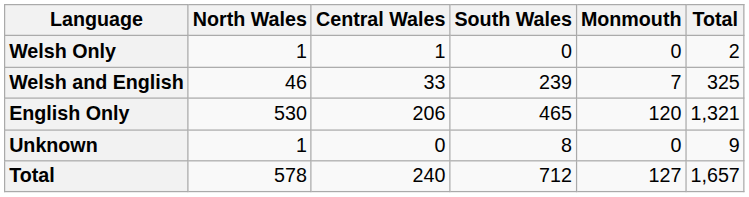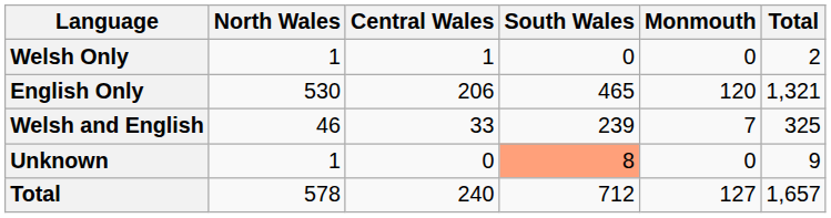 <table class="wikitable">
 <tr>
 <th scope="col">Language</th>
 <th scope="col">North Wales</th>
 <th scope="col">Central Wales</th>
 <th scope="col">South Wales</th>
 <th scope="col">Monmouth</th>
 <th scope="col">Total</th>
 </tr>
 <tr>
 <th scope="row" style="text-align:left;">Welsh Only</th>
 <td style="text-align:right;">1</td>
 <td style="text-align:right;">1</td>
 <td style="text-align:right;">0</td>
 <td style="text-align:right;">0</td>
 <td style="text-align:right;">2</td>
 </tr>
 <tr>
+<th scope="row" style="text-align:left;">English Only</th>
+<td style="text-align:right;">530</td>
+<td style="text-align:right;">206</td>
+<td style="text-align:right;">465</td>
+<td style="text-align:right;">120</td>
+<td style="text-align:right;">1,321</td>
+</tr>
+<tr>
 <th scope="row" style="text-align:left;">Welsh and English</th>
 <td style="text-align:right;">46</td>
 <td style="text-align:right;">33</td>
 <td style="text-align:right;">239</td>
 <td style="text-align:right;">7</td>
 <td style="text-align:right;">325</td>
 </tr>
 <tr>
-<th scope="row" style="text-align:left;">English Only</th>
-<td style="text-align:right;">530</td>
-<td style="text-align:right;">206</td>
-<td style="text-align:right;">465</td>
-<td style="text-align:right;">120</td>
-<td style="text-align:right;">1,321</td>
-</tr>
-<tr>
 <th scope="row" style="text-align:left;">Unknown</th>
 <td style="text-align:right;">1</td>
 <td style="text-align:right;">0</td>
-<td style="text-align:right;">8</td>
+<td style="background: lightsalmon; text-align:right;">8</td>
 <td style="text-align:right;">0</td>
 <td style="text-align:right;">9</td>
 </tr>
 <tr>
 <th scope="row" style="text-align:left;">Total</th>
 <td style="text-align:right;">578</td>
 <td style="text-align:right;">240</td>
 <td style="text-align:right;">712</td>
 <td style="text-align:right;">127</td>
 <td style="text-align:right;">1,657</td>
 </tr>
 </table>
